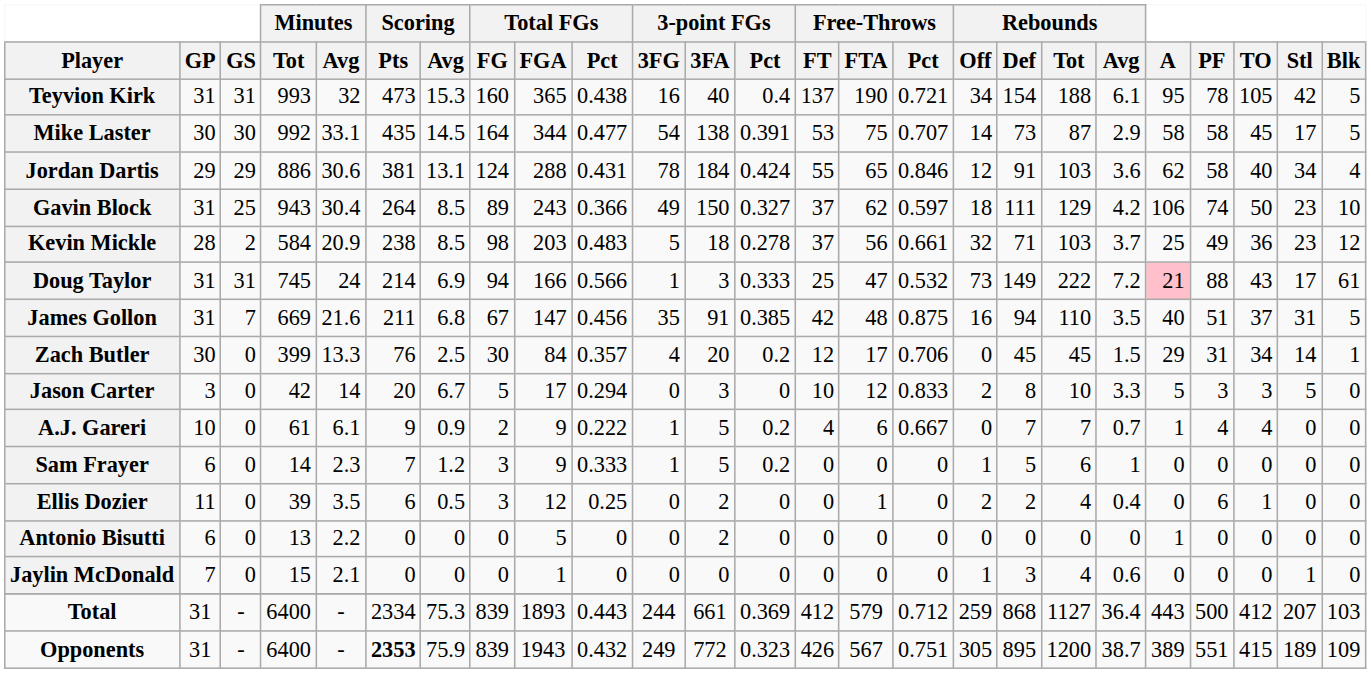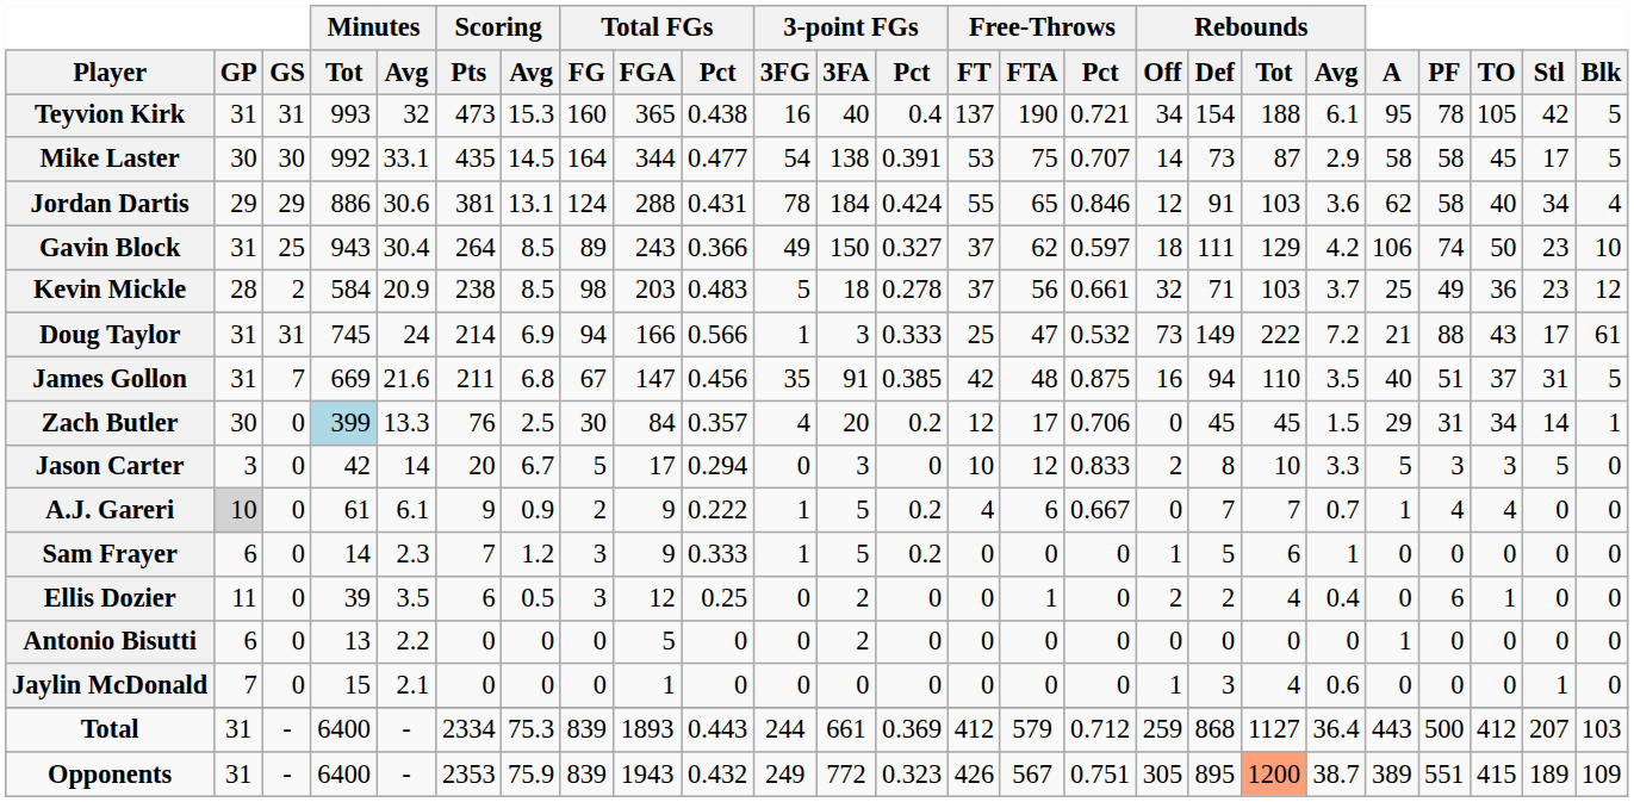 <table class="wikitable sortable" border="1" style="font-size:90%;">
 <tr>
 <th colspan="3" style="border-top-style:hidden; border-left-style:hidden; background: white;"></th>
 <th colspan="2" style=>Minutes</th>
 <th colspan="2" style=>Scoring</th>
 <th colspan="3" style=>Total FGs</th>
 <th colspan="3" style=>3-point FGs</th>
 <th colspan="3" style=>Free-Throws</th>
 <th colspan="4" style=>Rebounds</th>
 <th colspan="5" style="border-top-style:hidden; border-right-style:hidden; background: white;"></th>
 </tr>
 <tr>
 <th scope="col" style=>Player</th>
 <th scope="col" style=>GP</th>
 <th scope="col" style=>GS</th>
 <th scope="col" style=>Tot</th>
 <th scope="col" style=>Avg</th>
 <th scope="col" style=>Pts</th>
 <th scope="col" style=>Avg</th>
 <th scope="col" style=>FG</th>
 <th scope="col" style=>FGA</th>
 <th scope="col" style=>Pct</th>
 <th scope="col" style=>3FG</th>
 <th scope="col" style=>3FA</th>
 <th scope="col" style=>Pct</th>
 <th scope="col" style=>FT</th>
 <th scope="col" style=>FTA</th>
 <th scope="col" style=>Pct</th>
 <th scope="col" style=>Off</th>
 <th scope="col" style=>Def</th>
 <th scope="col" style=>Tot</th>
 <th scope="col" style=>Avg</th>
 <th scope="col" style=>A</th>
 <th scope="col" style=>PF</th>
 <th scope="col" style=>TO</th>
 <th scope="col" style=>Stl</th>
 <th scope="col" style=>Blk</th>
 </tr>
 <tr>
 <th>Teyvion Kirk</th>
 <td align="right">31</td>
 <td align="right">31</td>
 <td align="right">993</td>
 <td align="right">32</td>
 <td align="right">473</td>
 <td align="right">15.3</td>
 <td align="right">160</td>
 <td align="right">365</td>
 <td align="right">0.438</td>
 <td align="right">16</td>
 <td align="right">40</td>
 <td align="right">0.4</td>
 <td align="right">137</td>
 <td align="right">190</td>
 <td align="right">0.721</td>
 <td align="right">34</td>
 <td align="right">154</td>
 <td align="right">188</td>
 <td align="right">6.1</td>
 <td align="right">95</td>
 <td align="right">78</td>
 <td align="right">105</td>
 <td align="right">42</td>
 <td align="right">5</td>
 </tr>
 <tr>
 <th>Mike Laster</th>
 <td align="right">30</td>
 <td align="right">30</td>
 <td align="right">992</td>
 <td align="right">33.1</td>
 <td align="right">435</td>
 <td align="right">14.5</td>
 <td align="right">164</td>
 <td align="right">344</td>
 <td align="right">0.477</td>
 <td align="right">54</td>
 <td align="right">138</td>
 <td align="right">0.391</td>
 <td align="right">53</td>
 <td align="right">75</td>
 <td align="right">0.707</td>
 <td align="right">14</td>
 <td align="right">73</td>
 <td align="right">87</td>
 <td align="right">2.9</td>
 <td align="right">58</td>
 <td align="right">58</td>
 <td align="right">45</td>
 <td align="right">17</td>
 <td align="right">5</td>
 </tr>
 <tr>
 <th>Jordan Dartis</th>
 <td align="right">29</td>
 <td align="right">29</td>
 <td align="right">886</td>
 <td align="right">30.6</td>
 <td align="right">381</td>
 <td align="right">13.1</td>
 <td align="right">124</td>
 <td align="right">288</td>
 <td align="right">0.431</td>
 <td align="right">78</td>
 <td align="right">184</td>
 <td align="right">0.424</td>
 <td align="right">55</td>
 <td align="right">65</td>
 <td align="right">0.846</td>
 <td align="right">12</td>
 <td align="right">91</td>
 <td align="right">103</td>
 <td align="right">3.6</td>
 <td align="right">62</td>
 <td align="right">58</td>
 <td align="right">40</td>
 <td align="right">34</td>
 <td align="right">4</td>
 </tr>
 <tr>
 <th>Gavin Block</th>
 <td align="right">31</td>
 <td align="right">25</td>
 <td align="right">943</td>
 <td align="right">30.4</td>
 <td align="right">264</td>
 <td align="right">8.5</td>
 <td align="right">89</td>
 <td align="right">243</td>
 <td align="right">0.366</td>
 <td align="right">49</td>
 <td align="right">150</td>
 <td align="right">0.327</td>
 <td align="right">37</td>
 <td align="right">62</td>
 <td align="right">0.597</td>
 <td align="right">18</td>
 <td align="right">111</td>
 <td align="right">129</td>
 <td align="right">4.2</td>
 <td align="right">106</td>
 <td align="right">74</td>
 <td align="right">50</td>
 <td align="right">23</td>
 <td align="right">10</td>
 </tr>
 <tr>
 <th>Kevin Mickle</th>
 <td align="right">28</td>
 <td align="right">2</td>
 <td align="right">584</td>
 <td align="right">20.9</td>
 <td align="right">238</td>
 <td align="right">8.5</td>
 <td align="right">98</td>
 <td align="right">203</td>
 <td align="right">0.483</td>
 <td align="right">5</td>
 <td align="right">18</td>
 <td align="right">0.278</td>
 <td align="right">37</td>
 <td align="right">56</td>
 <td align="right">0.661</td>
 <td align="right">32</td>
 <td align="right">71</td>
 <td align="right">103</td>
 <td align="right">3.7</td>
 <td align="right">25</td>
 <td align="right">49</td>
 <td align="right">36</td>
 <td align="right">23</td>
 <td align="right">12</td>
 </tr>
 <tr>
 <th>Doug Taylor</th>
 <td align="right">31</td>
 <td align="right">31</td>
 <td align="right">745</td>
 <td align="right">24</td>
 <td align="right">214</td>
 <td align="right">6.9</td>
 <td align="right">94</td>
 <td align="right">166</td>
 <td align="right">0.566</td>
 <td align="right">1</td>
 <td align="right">3</td>
 <td align="right">0.333</td>
 <td align="right">25</td>
 <td align="right">47</td>
 <td align="right">0.532</td>
 <td align="right">73</td>
 <td align="right">149</td>
 <td align="right">222</td>
 <td align="right">7.2</td>
-<td align="right" style="background: pink;">21</td>
+<td align="right">21</td>
 <td align="right">88</td>
 <td align="right">43</td>
 <td align="right">17</td>
 <td align="right">61</td>
 </tr>
 <tr>
 <th>James Gollon</th>
 <td align="right">31</td>
 <td align="right">7</td>
 <td align="right">669</td>
 <td align="right">21.6</td>
 <td align="right">211</td>
 <td align="right">6.8</td>
 <td align="right">67</td>
 <td align="right">147</td>
 <td align="right">0.456</td>
 <td align="right">35</td>
 <td align="right">91</td>
 <td align="right">0.385</td>
 <td align="right">42</td>
 <td align="right">48</td>
 <td align="right">0.875</td>
 <td align="right">16</td>
 <td align="right">94</td>
 <td align="right">110</td>
 <td align="right">3.5</td>
 <td align="right">40</td>
 <td align="right">51</td>
 <td align="right">37</td>
 <td align="right">31</td>
 <td align="right">5</td>
 </tr>
 <tr>
 <th>Zach Butler</th>
 <td align="right">30</td>
 <td align="right">0</td>
-<td align="right">399</td>
+<td align="right" style="background: lightblue;">399</td>
 <td align="right">13.3</td>
 <td align="right">76</td>
 <td align="right">2.5</td>
 <td align="right">30</td>
 <td align="right">84</td>
 <td align="right">0.357</td>
 <td align="right">4</td>
 <td align="right">20</td>
 <td align="right">0.2</td>
 <td align="right">12</td>
 <td align="right">17</td>
 <td align="right">0.706</td>
 <td align="right">0</td>
 <td align="right">45</td>
 <td align="right">45</td>
 <td align="right">1.5</td>
 <td align="right">29</td>
 <td align="right">31</td>
 <td align="right">34</td>
 <td align="right">14</td>
 <td align="right">1</td>
 </tr>
 <tr>
 <th>Jason Carter</th>
 <td align="right">3</td>
 <td align="right">0</td>
 <td align="right">42</td>
 <td align="right">14</td>
 <td align="right">20</td>
 <td align="right">6.7</td>
 <td align="right">5</td>
 <td align="right">17</td>
 <td align="right">0.294</td>
 <td align="right">0</td>
 <td align="right">3</td>
 <td align="right">0</td>
 <td align="right">10</td>
 <td align="right">12</td>
 <td align="right">0.833</td>
 <td align="right">2</td>
 <td align="right">8</td>
 <td align="right">10</td>
 <td align="right">3.3</td>
 <td align="right">5</td>
 <td align="right">3</td>
 <td align="right">3</td>
 <td align="right">5</td>
 <td align="right">0</td>
 </tr>
 <tr>
 <th>A.J. Gareri</th>
-<td align="right">10</td>
+<td align="right" style="background: lightgrey;">10</td>
 <td align="right">0</td>
 <td align="right">61</td>
 <td align="right">6.1</td>
 <td align="right">9</td>
 <td align="right">0.9</td>
 <td align="right">2</td>
 <td align="right">9</td>
 <td align="right">0.222</td>
 <td align="right">1</td>
 <td align="right">5</td>
 <td align="right">0.2</td>
 <td align="right">4</td>
 <td align="right">6</td>
 <td align="right">0.667</td>
 <td align="right">0</td>
 <td align="right">7</td>
 <td align="right">7</td>
 <td align="right">0.7</td>
 <td align="right">1</td>
 <td align="right">4</td>
 <td align="right">4</td>
 <td align="right">0</td>
 <td align="right">0</td>
 </tr>
 <tr>
 <th>Sam Frayer</th>
 <td align="right">6</td>
 <td align="right">0</td>
 <td align="right">14</td>
 <td align="right">2.3</td>
 <td align="right">7</td>
 <td align="right">1.2</td>
 <td align="right">3</td>
 <td align="right">9</td>
 <td align="right">0.333</td>
 <td align="right">1</td>
 <td align="right">5</td>
 <td align="right">0.2</td>
 <td align="right">0</td>
 <td align="right">0</td>
 <td align="right">0</td>
 <td align="right">1</td>
 <td align="right">5</td>
 <td align="right">6</td>
 <td align="right">1</td>
 <td align="right">0</td>
 <td align="right">0</td>
 <td align="right">0</td>
 <td align="right">0</td>
 <td align="right">0</td>
 </tr>
 <tr>
 <th>Ellis Dozier</th>
 <td align="right">11</td>
 <td align="right">0</td>
 <td align="right">39</td>
 <td align="right">3.5</td>
 <td align="right">6</td>
 <td align="right">0.5</td>
 <td align="right">3</td>
 <td align="right">12</td>
 <td align="right">0.25</td>
 <td align="right">0</td>
 <td align="right">2</td>
 <td align="right">0</td>
 <td align="right">0</td>
 <td align="right">1</td>
 <td align="right">0</td>
 <td align="right">2</td>
 <td align="right">2</td>
 <td align="right">4</td>
 <td align="right">0.4</td>
 <td align="right">0</td>
 <td align="right">6</td>
 <td align="right">1</td>
 <td align="right">0</td>
 <td align="right">0</td>
 </tr>
 <tr>
 <th>Antonio Bisutti</th>
 <td align="right">6</td>
 <td align="right">0</td>
 <td align="right">13</td>
 <td align="right">2.2</td>
 <td align="right">0</td>
 <td align="right">0</td>
 <td align="right">0</td>
 <td align="right">5</td>
 <td align="right">0</td>
 <td align="right">0</td>
 <td align="right">2</td>
 <td align="right">0</td>
 <td align="right">0</td>
 <td align="right">0</td>
 <td align="right">0</td>
 <td align="right">0</td>
 <td align="right">0</td>
 <td align="right">0</td>
 <td align="right">0</td>
 <td align="right">1</td>
 <td align="right">0</td>
 <td align="right">0</td>
 <td align="right">0</td>
 <td align="right">0</td>
 </tr>
 <tr>
 <th>Jaylin McDonald</th>
 <td align="right">7</td>
 <td align="right">0</td>
 <td align="right">15</td>
 <td align="right">2.1</td>
 <td align="right">0</td>
 <td align="right">0</td>
 <td align="right">0</td>
 <td align="right">1</td>
 <td align="right">0</td>
 <td align="right">0</td>
 <td align="right">0</td>
 <td align="right">0</td>
 <td align="right">0</td>
 <td align="right">0</td>
 <td align="right">0</td>
 <td align="right">1</td>
 <td align="right">3</td>
 <td align="right">4</td>
 <td align="right">0.6</td>
 <td align="right">0</td>
 <td align="right">0</td>
 <td align="right">0</td>
 <td align="right">1</td>
 <td align="right">0</td>
 </tr>
 <tr>
 </tr>
 <tr class="sortbottom">
 <td align="center" style=><strong>Total</strong></td>
 <td align="center" style=>31</td>
 <td align="center" style=>-</td>
 <td align="center" style=>6400</td>
 <td align="center" style=>-</td>
 <td align="center" style=>2334</td>
 <td align="center" style=>75.3</td>
 <td align="center" style=>839</td>
 <td align="center" style=>1893</td>
 <td align="center" style=>0.443</td>
 <td align="center" style=>244</td>
 <td align="center" style=>661</td>
 <td align="center" style=>0.369</td>
 <td align="center" style=>412</td>
 <td align="center" style=>579</td>
 <td align="center" style=>0.712</td>
 <td align="center" style=>259</td>
 <td align="center" style=>868</td>
 <td align="center" style=>1127</td>
 <td align="center" style=>36.4</td>
 <td align="center" style=>443</td>
 <td align="center" style=>500</td>
 <td align="center" style=>412</td>
 <td align="center" style=>207</td>
 <td align="center" style=>103</td>
 </tr>
 <tr class="sortbottom">
 <td align="center"><strong>Opponents</strong></td>
 <td align="center">31</td>
 <td align="center">-</td>
 <td align="center">6400</td>
 <td align="center">-</td>
-<td align="center"><strong>2353</strong></td>
+<td align="center">2353</td>
 <td align="center">75.9</td>
 <td align="center">839</td>
 <td align="center">1943</td>
 <td align="center">0.432</td>
 <td align="center">249</td>
 <td align="center">772</td>
 <td align="center">0.323</td>
 <td align="center">426</td>
 <td align="center">567</td>
 <td align="center">0.751</td>
 <td align="center">305</td>
 <td align="center">895</td>
-<td align="center">1200</td>
+<td align="center" style="background: lightsalmon;">1200</td>
 <td align="center">38.7</td>
 <td align="center">389</td>
 <td align="center">551</td>
 <td align="center">415</td>
 <td align="center">189</td>
 <td align="center">109</td>
 </tr>
 </table>
